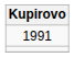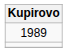 <table class="wikitable" style="margin: 0.5em auto; text-align: center;">
 <tr>
 <th colspan="1">Kupirovo</th>
 </tr>
 <tr>
-<td>1991</td>
+<td>1989</td>
 </tr>
 <tr>
 <td></td>
 </tr>
 <tr>
 </tr>
 </table>
